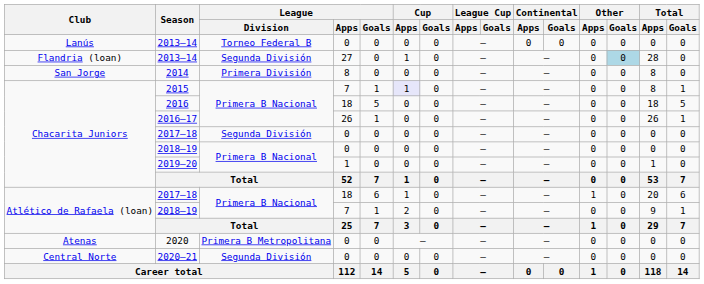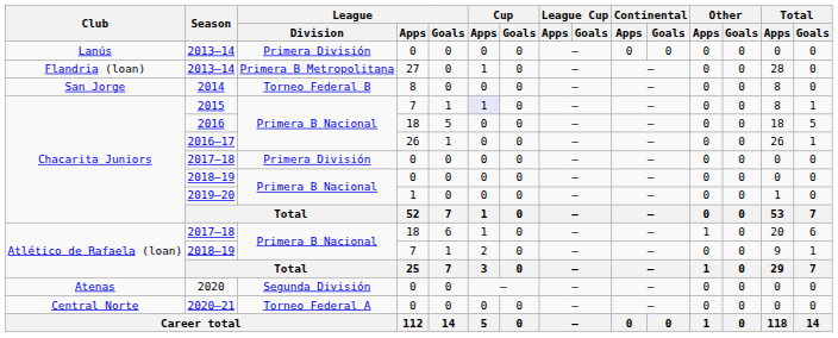 <table class="wikitable" style="text-align:center">
 <tr>
 <th rowspan="2">Club</th>
 <th rowspan="2">Season</th>
 <th colspan="3">League</th>
 <th colspan="2">Cup</th>
 <th colspan="2">League Cup</th>
 <th colspan="2">Continental</th>
 <th colspan="2">Other</th>
 <th colspan="2">Total</th>
 </tr>
 <tr>
 <th>Division</th>
 <th>Apps</th>
 <th>Goals</th>
 <th>Apps</th>
 <th>Goals</th>
 <th>Apps</th>
 <th>Goals</th>
 <th>Apps</th>
 <th>Goals</th>
 <th>Apps</th>
 <th>Goals</th>
 <th>Apps</th>
 <th>Goals</th>
 </tr>
 <tr>
 <td rowspan="1"><a href='#'>Lanús</a></td>
 <td><a href='#'>2013–14</a></td>
-<td rowspan="1"><a href='#'>Torneo Federal B</a></td>
+<td rowspan="1"><a href='#'>Primera División</a></td>
 <td>0</td>
 <td>0</td>
 <td>0</td>
 <td>0</td>
 <td colspan="2">—</td>
 <td>0</td>
 <td>0</td>
 <td>0</td>
 <td>0</td>
 <td>0</td>
 <td>0</td>
 </tr>
 <tr>
 <td rowspan="1"><a href='#'>Flandria</a> (loan)</td>
 <td><a href='#'>2013–14</a></td>
-<td rowspan="1"><a href='#'>Segunda División</a></td>
+<td rowspan="1"><a href='#'>Primera B Metropolitana</a></td>
 <td>27</td>
 <td>0</td>
 <td>1</td>
 <td>0</td>
 <td colspan="2">—</td>
 <td colspan="2">—</td>
 <td>0</td>
-<td style="background: lightblue;">0</td>
+<td>0</td>
 <td>28</td>
 <td>0</td>
 </tr>
 <tr>
 <td rowspan="1"><a href='#'>San Jorge</a></td>
 <td><a href='#'>2014</a></td>
-<td rowspan="1"><a href='#'>Primera División</a></td>
+<td rowspan="1"><a href='#'>Torneo Federal B</a></td>
 <td>8</td>
 <td>0</td>
 <td>0</td>
 <td>0</td>
 <td colspan="2">—</td>
 <td colspan="2">—</td>
 <td>0</td>
 <td>0</td>
 <td>8</td>
 <td>0</td>
 </tr>
 <tr>
 <td rowspan="7"><a href='#'>Chacarita Juniors</a></td>
 <td><a href='#'>2015</a></td>
 <td rowspan="3"><a href='#'>Primera B Nacional</a></td>
 <td>7</td>
 <td>1</td>
 <td style="background: lavender;">1</td>
 <td>0</td>
 <td colspan="2">—</td>
 <td colspan="2">—</td>
 <td>0</td>
 <td>0</td>
 <td>8</td>
 <td>1</td>
 </tr>
 <tr>
 <td><a href='#'>2016</a></td>
 <td>18</td>
 <td>5</td>
 <td>0</td>
 <td>0</td>
 <td colspan="2">—</td>
 <td colspan="2">—</td>
 <td>0</td>
 <td>0</td>
 <td>18</td>
 <td>5</td>
 </tr>
 <tr>
 <td><a href='#'>2016–17</a></td>
 <td>26</td>
 <td>1</td>
 <td>0</td>
 <td>0</td>
 <td colspan="2">—</td>
 <td colspan="2">—</td>
 <td>0</td>
 <td>0</td>
 <td>26</td>
 <td>1</td>
 </tr>
 <tr>
 <td><a href='#'>2017–18</a></td>
-<td rowspan="1"><a href='#'>Segunda División</a></td>
+<td rowspan="1"><a href='#'>Primera División</a></td>
 <td>0</td>
 <td>0</td>
 <td>0</td>
 <td>0</td>
 <td colspan="2">—</td>
 <td colspan="2">—</td>
 <td>0</td>
 <td>0</td>
 <td>0</td>
 <td>0</td>
 </tr>
 <tr>
 <td><a href='#'>2018–19</a></td>
 <td rowspan="2"><a href='#'>Primera B Nacional</a></td>
 <td>0</td>
 <td>0</td>
 <td>0</td>
 <td>0</td>
 <td colspan="2">—</td>
 <td colspan="2">—</td>
 <td>0</td>
 <td>0</td>
 <td>0</td>
 <td>0</td>
 </tr>
 <tr>
 <td><a href='#'>2019–20</a></td>
 <td>1</td>
 <td>0</td>
 <td>0</td>
 <td>0</td>
 <td colspan="2">—</td>
 <td colspan="2">—</td>
 <td>0</td>
 <td>0</td>
 <td>1</td>
 <td>0</td>
 </tr>
 <tr>
 <th colspan="2">Total</th>
 <th>52</th>
 <th>7</th>
 <th>1</th>
 <th>0</th>
 <th colspan="2">—</th>
 <th colspan="2">—</th>
 <th>0</th>
 <th>0</th>
 <th>53</th>
 <th>7</th>
 </tr>
 <tr>
 <td rowspan="3"><a href='#'>Atlético de Rafaela</a> (loan)</td>
 <td><a href='#'>2017–18</a></td>
 <td rowspan="2"><a href='#'>Primera B Nacional</a></td>
 <td>18</td>
 <td>6</td>
 <td>1</td>
 <td>0</td>
 <td colspan="2">—</td>
 <td colspan="2">—</td>
 <td>1</td>
 <td>0</td>
 <td>20</td>
 <td>6</td>
 </tr>
 <tr>
 <td><a href='#'>2018–19</a></td>
 <td>7</td>
 <td>1</td>
 <td>2</td>
 <td>0</td>
 <td colspan="2">—</td>
 <td colspan="2">—</td>
 <td>0</td>
 <td>0</td>
 <td>9</td>
 <td>1</td>
 </tr>
 <tr>
 <th colspan="2">Total</th>
 <th>25</th>
 <th>7</th>
 <th>3</th>
 <th>0</th>
 <th colspan="2">—</th>
 <th colspan="2">—</th>
 <th>1</th>
 <th>0</th>
 <th>29</th>
 <th>7</th>
 </tr>
 <tr>
 <td rowspan="1"><a href='#'>Atenas</a></td>
 <td>2020</td>
-<td rowspan="1"><a href='#'>Primera B Metropolitana</a></td>
+<td rowspan="1"><a href='#'>Segunda División</a></td>
 <td>0</td>
 <td>0</td>
 <td colspan="2">—</td>
 <td colspan="2">—</td>
 <td colspan="2">—</td>
 <td>0</td>
 <td>0</td>
 <td>0</td>
 <td>0</td>
 </tr>
 <tr>
 <td rowspan="1"><a href='#'>Central Norte</a></td>
 <td><a href='#'>2020–21</a></td>
-<td rowspan="1"><a href='#'>Segunda División</a></td>
+<td rowspan="1"><a href='#'>Torneo Federal A</a></td>
 <td>0</td>
 <td>0</td>
 <td>0</td>
 <td>0</td>
 <td colspan="2">—</td>
 <td colspan="2">—</td>
 <td>0</td>
 <td>0</td>
 <td>0</td>
 <td>0</td>
 </tr>
 <tr>
 <th colspan="3">Career total</th>
 <th>112</th>
 <th>14</th>
 <th>5</th>
 <th>0</th>
 <th colspan="2">—</th>
 <th>0</th>
 <th>0</th>
 <th>1</th>
 <th>0</th>
 <th>118</th>
 <th>14</th>
 </tr>
 </table>
